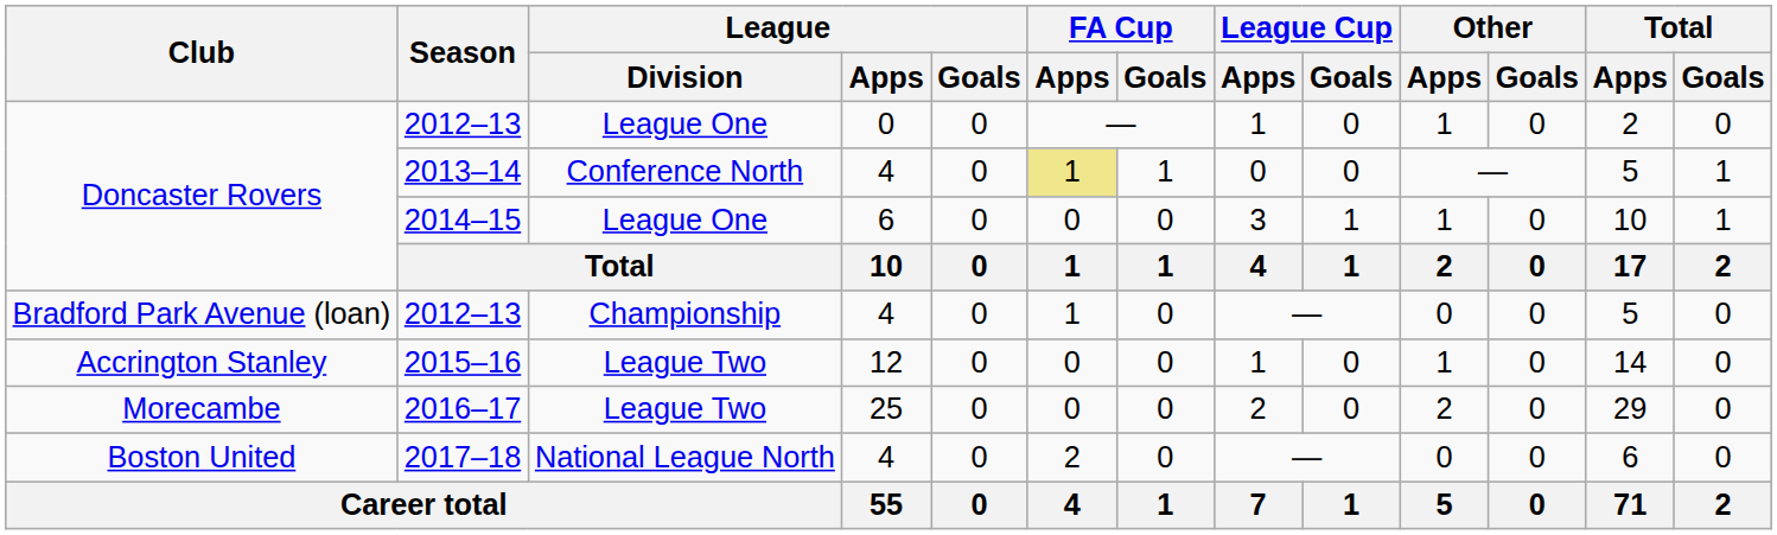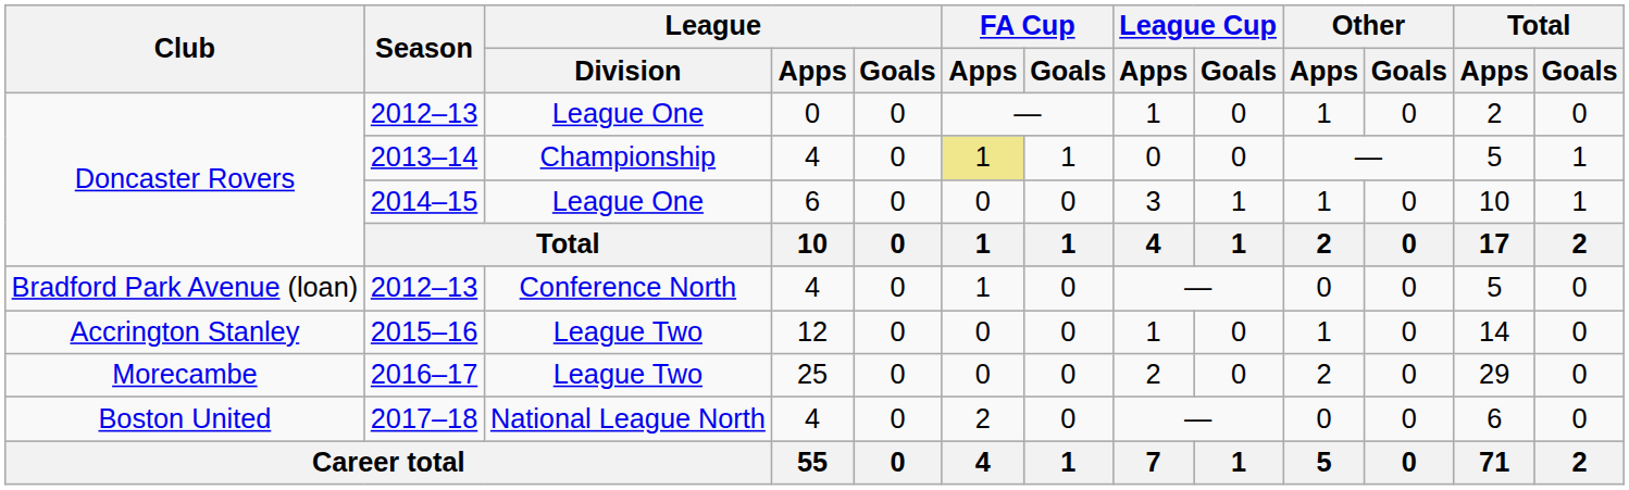 <table class="wikitable" style="text-align: center">
 <tr>
 <th rowspan="2">Club</th>
 <th rowspan="2">Season</th>
 <th colspan="3">League</th>
 <th colspan="2"><a href='#'>FA Cup</a></th>
 <th colspan="2"><a href='#'>League Cup</a></th>
 <th colspan="2">Other</th>
 <th colspan="2">Total</th>
 </tr>
 <tr>
 <th>Division</th>
 <th>Apps</th>
 <th>Goals</th>
 <th>Apps</th>
 <th>Goals</th>
 <th>Apps</th>
 <th>Goals</th>
 <th>Apps</th>
 <th>Goals</th>
 <th>Apps</th>
 <th>Goals</th>
 </tr>
 <tr>
 <td rowspan="4"><a href='#'>Doncaster Rovers</a></td>
 <td><a href='#'>2012–13</a></td>
 <td><a href='#'>League One</a></td>
 <td>0</td>
 <td>0</td>
 <td colspan="2">—</td>
 <td>1</td>
 <td>0</td>
 <td>1</td>
 <td>0</td>
 <td>2</td>
 <td>0</td>
 </tr>
 <tr>
 <td><a href='#'>2013–14</a></td>
-<td><a href='#'>Conference North</a></td>
+<td><a href='#'>Championship</a></td>
 <td>4</td>
 <td>0</td>
 <td style="background: khaki;">1</td>
 <td>1</td>
 <td>0</td>
 <td>0</td>
 <td colspan="2">—</td>
 <td>5</td>
 <td>1</td>
 </tr>
 <tr>
 <td><a href='#'>2014–15</a></td>
 <td><a href='#'>League One</a></td>
 <td>6</td>
 <td>0</td>
 <td>0</td>
 <td>0</td>
 <td>3</td>
 <td>1</td>
 <td>1</td>
 <td>0</td>
 <td>10</td>
 <td>1</td>
 </tr>
 <tr>
 <th colspan="2">Total</th>
 <th>10</th>
 <th>0</th>
 <th>1</th>
 <th>1</th>
 <th>4</th>
 <th>1</th>
 <th>2</th>
 <th>0</th>
 <th>17</th>
 <th>2</th>
 </tr>
 <tr>
 <td><a href='#'>Bradford Park Avenue</a> (loan)</td>
 <td><a href='#'>2012–13</a></td>
-<td><a href='#'>Championship</a></td>
+<td><a href='#'>Conference North</a></td>
 <td>4</td>
 <td>0</td>
 <td>1</td>
 <td>0</td>
 <td colspan="2">—</td>
 <td>0</td>
 <td>0</td>
 <td>5</td>
 <td>0</td>
 </tr>
 <tr>
 <td><a href='#'>Accrington Stanley</a></td>
 <td><a href='#'>2015–16</a></td>
 <td><a href='#'>League Two</a></td>
 <td>12</td>
 <td>0</td>
 <td>0</td>
 <td>0</td>
 <td>1</td>
 <td>0</td>
 <td>1</td>
 <td>0</td>
 <td>14</td>
 <td>0</td>
 </tr>
 <tr>
 <td><a href='#'>Morecambe</a></td>
 <td><a href='#'>2016–17</a></td>
 <td><a href='#'>League Two</a></td>
 <td>25</td>
 <td>0</td>
 <td>0</td>
 <td>0</td>
 <td>2</td>
 <td>0</td>
 <td>2</td>
 <td>0</td>
 <td>29</td>
 <td>0</td>
 </tr>
 <tr>
 <td><a href='#'>Boston United</a></td>
 <td><a href='#'>2017–18</a></td>
 <td><a href='#'>National League North</a></td>
 <td>4</td>
 <td>0</td>
 <td>2</td>
 <td>0</td>
 <td colspan="2">—</td>
 <td>0</td>
 <td>0</td>
 <td>6</td>
 <td>0</td>
 </tr>
 <tr>
 <th colspan="3">Career total</th>
 <th>55</th>
 <th>0</th>
 <th>4</th>
 <th>1</th>
 <th>7</th>
 <th>1</th>
 <th>5</th>
 <th>0</th>
 <th>71</th>
 <th>2</th>
 </tr>
 </table>
